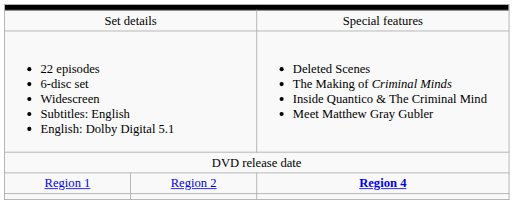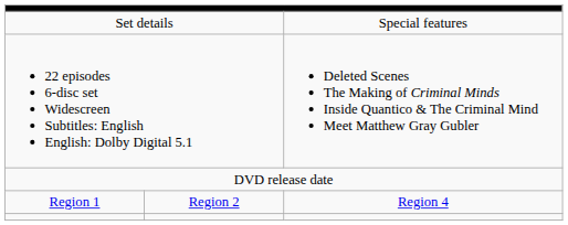 <table class="wikitable" style="font-size: 95%;">
 <tr style="background:#000000">
 <td colspan="4" style="text-align:center;"></td>
 </tr>
 <tr style="text-align:center;">
 <td style="width:300px;" colspan="2">Set details</td>
 <td style="width:300px;" colspan="2">Special features</td>
 </tr>
 <tr valign="top">
 <td colspan="2"  style="text-align:left; width:300px;"><br><ul><li>22 episodes</li><li>6-disc set</li><li>Widescreen</li><li>Subtitles: English</li><li>English: Dolby Digital 5.1</li></ul></td>
 <td colspan="3" style="text-align:left; width:300px;"><br><ul><li>Deleted Scenes</li><li>The Making of <em>Criminal Minds</em></li><li>Inside Quantico & The Criminal Mind</li><li>Meet Matthew Gray Gubler</li></ul></td>
 </tr>
 <tr>
 <td colspan="3" style="text-align:center;">DVD release date</td>
 </tr>
 <tr style="text-align:center;">
 <td><a href='#'>Region 1</a></td>
 <td><a href='#'>Region 2</a></td>
-<td><strong><a href='#'>Region 4</a></strong></td>
+<td><a href='#'>Region 4</a></td>
 </tr>
 <tr style="text-align:center;">
 <td></td>
 <td></td>
 <td></td>
 </tr>
 </table>
